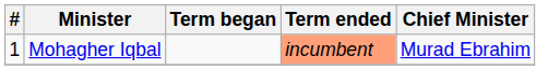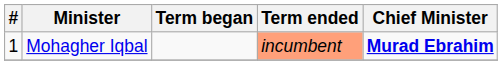 <table class="wikitable">
 <tr>
 <th>#</th>
 <th>Minister</th>
 <th>Term began</th>
 <th>Term ended</th>
 <th>Chief Minister</th>
 </tr>
 <tr>
 <td>1</td>
 <td><a href='#'>Mohagher Iqbal</a></td>
 <td></td>
 <td style="background: lightsalmon;"><em>incumbent</em></td>
-<td><a href='#'>Murad Ebrahim</a></td>
+<td><strong><a href='#'>Murad Ebrahim</a></strong></td>
 </tr>
 <tr>
 </tr>
 </table>
